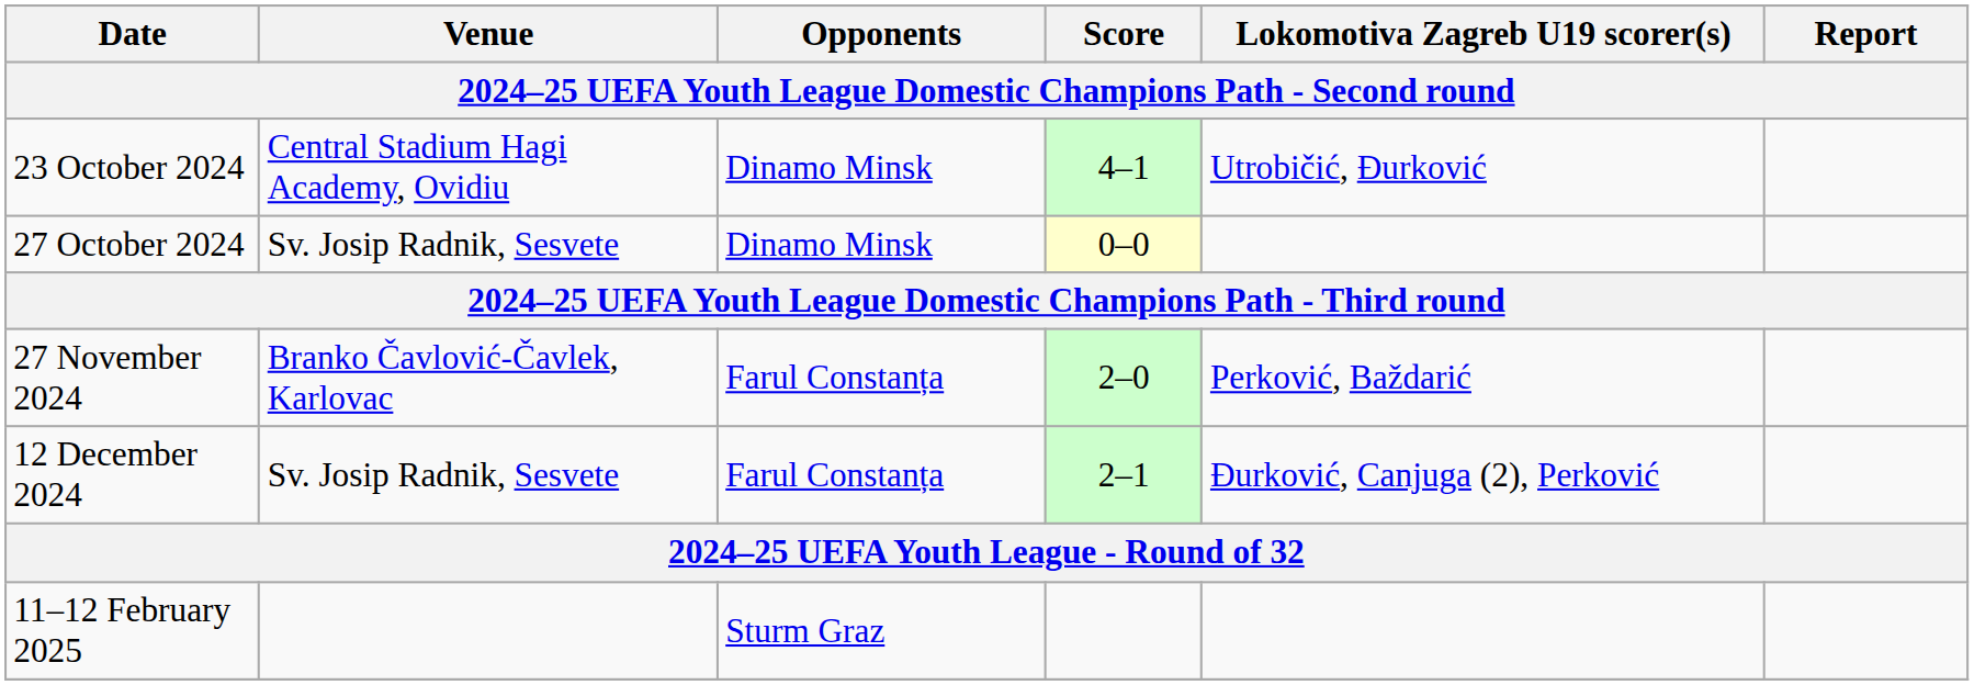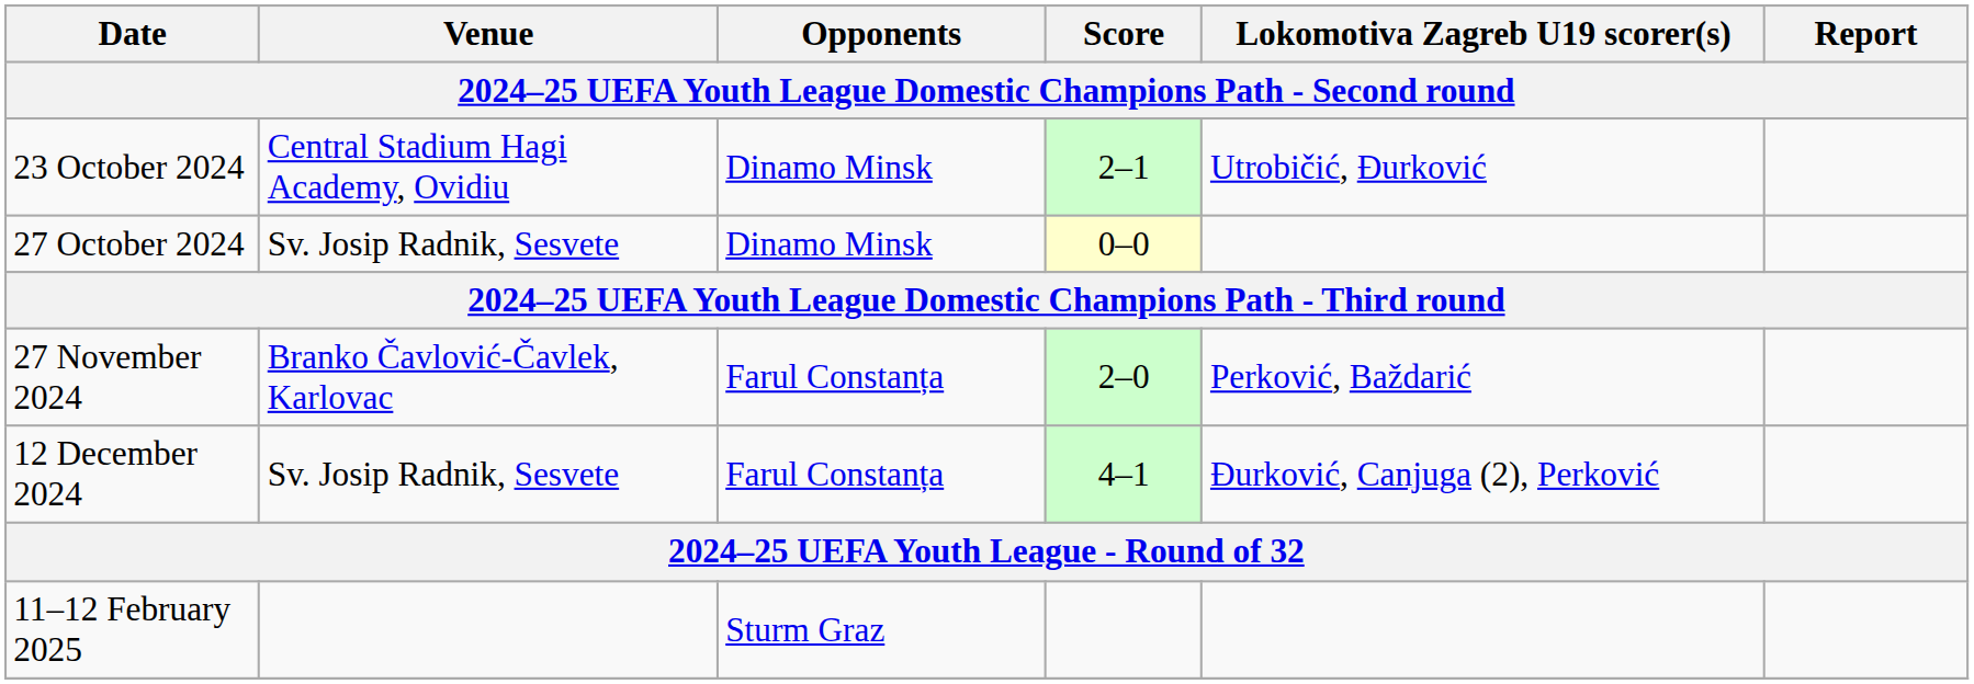 <table class="wikitable" style="font-size:95%;">
 <tr>
 <th width=125>Date</th>
 <th width=260>Venue</th>
 <th width=170>Opponents</th>
 <th width= 75>Score</th>
 <th width=320>Lokomotiva Zagreb U19 scorer(s)</th>
 <th width=100>Report</th>
 </tr>
 <tr>
 <th colspan=7><a href='#'>2024–25 UEFA Youth League Domestic Champions Path - Second round</a></th>
 </tr>
 <tr>
 <td>23 October 2024</td>
 <td><a href='#'>Central Stadium Hagi Academy</a>, <a href='#'>Ovidiu</a></td>
 <td> <a href='#'>Dinamo Minsk</a></td>
-<td align=center bgcolor=#CCFFCC>4–1</td>
+<td align=center bgcolor=#CCFFCC>2–1</td>
 <td><a href='#'>Utrobičić</a>, <a href='#'>Đurković</a></td>
 <td></td>
 </tr>
 <tr>
 <td>27 October 2024</td>
 <td>Sv. Josip Radnik, <a href='#'>Sesvete</a></td>
 <td> <a href='#'>Dinamo Minsk</a></td>
 <td align=center bgcolor=#FFFFCC>0–0</td>
 <td></td>
 <td></td>
 </tr>
 <tr>
 <th colspan=7><a href='#'>2024–25 UEFA Youth League Domestic Champions Path - Third round</a></th>
 </tr>
 <tr>
 <td>27 November 2024</td>
 <td><a href='#'>Branko Čavlović-Čavlek</a>, <a href='#'>Karlovac</a></td>
 <td> <a href='#'>Farul Constanța</a></td>
 <td align=center bgcolor=#CCFFCC>2–0</td>
 <td><a href='#'>Perković</a>, <a href='#'>Baždarić</a></td>
 <td></td>
 </tr>
 <tr>
 <td>12 December 2024</td>
 <td>Sv. Josip Radnik, <a href='#'>Sesvete</a></td>
 <td> <a href='#'>Farul Constanța</a></td>
-<td align=center bgcolor=#CCFFCC>2–1</td>
+<td align=center bgcolor=#CCFFCC>4–1</td>
 <td><a href='#'>Đurković</a>, <a href='#'>Canjuga</a> (2), <a href='#'>Perković</a></td>
 <td></td>
 </tr>
 <tr>
 <th colspan=7><a href='#'>2024–25 UEFA Youth League - Round of 32</a></th>
 </tr>
 <tr>
 <td>11–12 February 2025</td>
 <td></td>
 <td> <a href='#'>Sturm Graz</a></td>
 <td></td>
 <td></td>
 <td></td>
 </tr>
 <tr>
 </tr>
 </table>
